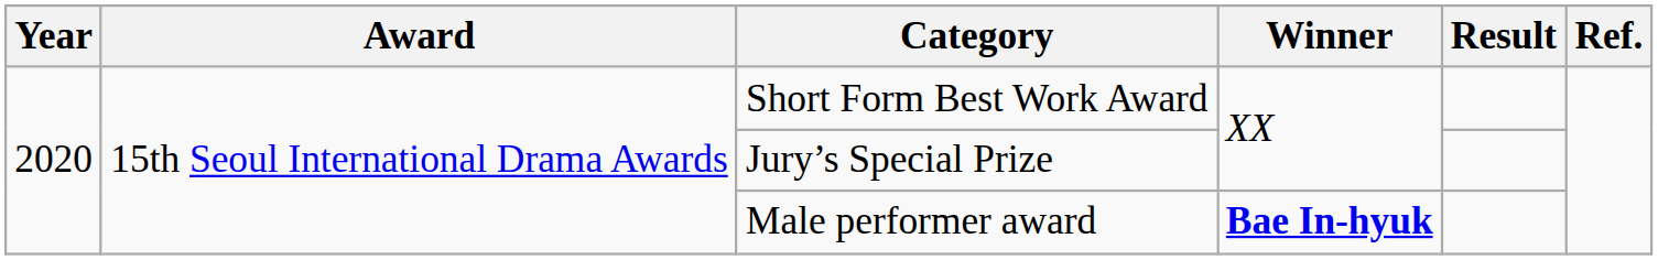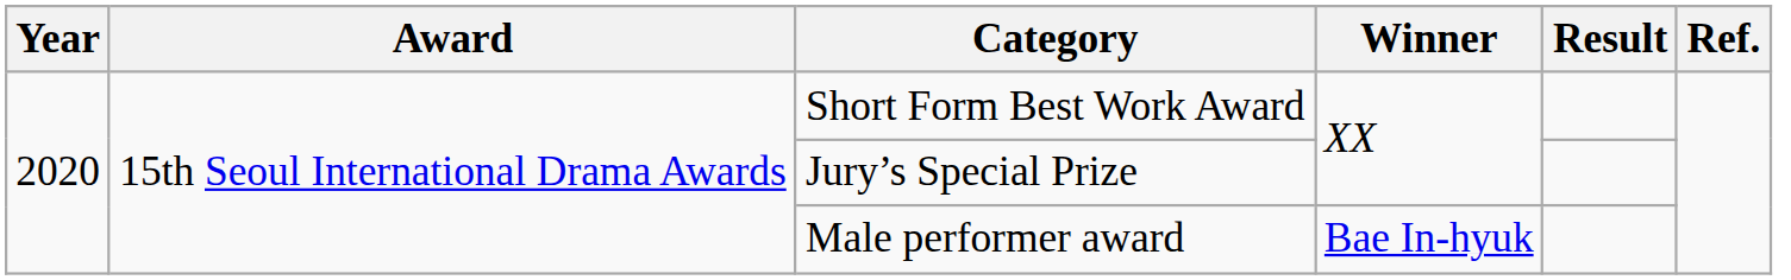 <table class="wikitable">
 <tr>
 <th>Year</th>
 <th>Award</th>
 <th>Category</th>
 <th>Winner</th>
 <th>Result</th>
 <th>Ref.</th>
 </tr>
 <tr>
 <td rowspan="3">2020</td>
 <td rowspan="3">15th <a href='#'>Seoul International Drama Awards</a></td>
 <td>Short Form Best Work Award</td>
 <td rowspan="2"><em>XX</em></td>
 <td></td>
 <td rowspan="3"></td>
 </tr>
 <tr>
 <td>Jury’s Special Prize</td>
 <td></td>
 </tr>
 <tr>
 <td>Male performer award</td>
-<td><strong><a href='#'>Bae In-hyuk</a></strong></td>
+<td><a href='#'>Bae In-hyuk</a></td>
 <td></td>
 </tr>
 </table>
